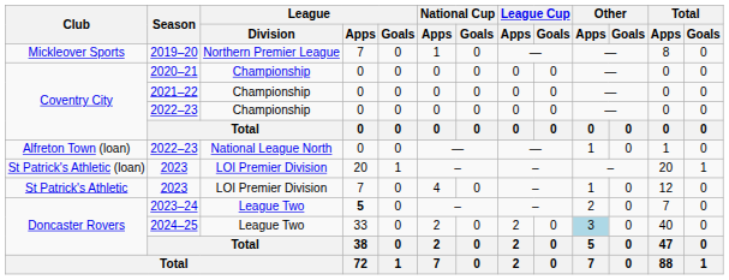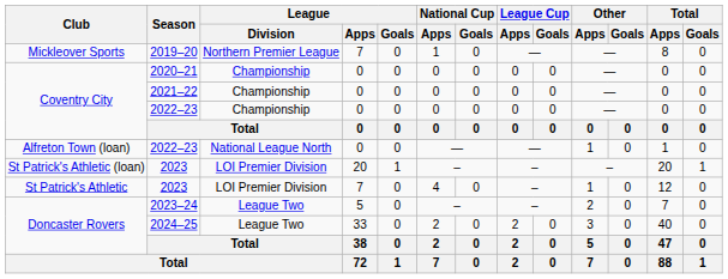 <table class=wikitable style="text-align: center;">
 <tr>
 <th rowspan=2>Club</th>
 <th rowspan=2>Season</th>
 <th colspan=3>League</th>
 <th colspan=2>National Cup</th>
 <th colspan=2><a href='#'>League Cup</a></th>
 <th colspan=2>Other</th>
 <th colspan=2>Total</th>
 </tr>
 <tr>
 <th>Division</th>
 <th>Apps</th>
 <th>Goals</th>
 <th>Apps</th>
 <th>Goals</th>
 <th>Apps</th>
 <th>Goals</th>
 <th>Apps</th>
 <th>Goals</th>
 <th>Apps</th>
 <th>Goals</th>
 </tr>
 <tr>
 <td><a href='#'>Mickleover Sports</a></td>
 <td><a href='#'>2019–20</a></td>
 <td><a href='#'>Northern Premier League</a></td>
 <td>7</td>
 <td>0</td>
 <td>1</td>
 <td>0</td>
 <td colspan="2">—</td>
 <td colspan="2">—</td>
 <td>8</td>
 <td>0</td>
 </tr>
 <tr>
 <td rowspan="4"><a href='#'>Coventry City</a></td>
 <td><a href='#'>2020–21</a></td>
 <td><a href='#'>Championship</a></td>
 <td>0</td>
 <td>0</td>
 <td>0</td>
 <td>0</td>
 <td>0</td>
 <td>0</td>
 <td colspan="2">—</td>
 <td>0</td>
 <td>0</td>
 </tr>
 <tr>
 <td><a href='#'>2021–22</a></td>
 <td>Championship</td>
 <td>0</td>
 <td>0</td>
 <td>0</td>
 <td>0</td>
 <td>0</td>
 <td>0</td>
 <td colspan="2">—</td>
 <td>0</td>
 <td>0</td>
 </tr>
 <tr>
 <td><a href='#'>2022–23</a></td>
 <td>Championship</td>
 <td>0</td>
 <td>0</td>
 <td>0</td>
 <td>0</td>
 <td>0</td>
 <td>0</td>
 <td colspan="2">—</td>
 <td>0</td>
 <td>0</td>
 </tr>
 <tr>
 <th colspan="2">Total</th>
 <th>0</th>
 <th>0</th>
 <th>0</th>
 <th>0</th>
 <th>0</th>
 <th>0</th>
 <th>0</th>
 <th>0</th>
 <th>0</th>
 <th>0</th>
 </tr>
 <tr>
 <td><a href='#'>Alfreton Town</a> (loan)</td>
 <td><a href='#'>2022–23</a></td>
 <td><a href='#'>National League North</a></td>
 <td>0</td>
 <td>0</td>
 <td colspan="2">—</td>
 <td colspan="2">—</td>
 <td>1</td>
 <td>0</td>
 <td>1</td>
 <td>0</td>
 </tr>
 <tr>
 <td><a href='#'>St Patrick's Athletic</a> (loan)</td>
 <td><a href='#'>2023</a></td>
 <td><a href='#'>LOI Premier Division</a></td>
 <td>20</td>
 <td>1</td>
 <td colspan="2">–</td>
 <td colspan="2">–</td>
 <td colspan="2">–</td>
 <td>20</td>
 <td>1</td>
 </tr>
 <tr>
 <td><a href='#'>St Patrick's Athletic</a></td>
 <td><a href='#'>2023</a></td>
 <td>LOI Premier Division</td>
 <td>7</td>
 <td>0</td>
 <td>4</td>
 <td>0</td>
 <td colspan="2">–</td>
 <td>1</td>
 <td>0</td>
 <td>12</td>
 <td>0</td>
 </tr>
 <tr>
 <td rowspan="3"><a href='#'>Doncaster Rovers</a></td>
 <td><a href='#'>2023–24</a></td>
 <td><a href='#'>League Two</a></td>
-<td><strong>5</strong></td>
+<td>5</td>
 <td>0</td>
 <td colspan="2">–</td>
 <td colspan="2">–</td>
 <td>2</td>
 <td>0</td>
 <td>7</td>
 <td>0</td>
 </tr>
 <tr>
 <td><a href='#'>2024–25</a></td>
 <td>League Two</td>
 <td>33</td>
 <td>0</td>
 <td>2</td>
 <td>0</td>
 <td>2</td>
 <td>0</td>
-<td style="background: lightblue;">3</td>
+<td>3</td>
 <td>0</td>
 <td>40</td>
 <td>0</td>
 </tr>
 <tr>
 <th colspan="2">Total</th>
 <th>38</th>
 <th>0</th>
 <th>2</th>
 <th>0</th>
 <th>2</th>
 <th>0</th>
 <th>5</th>
 <th>0</th>
 <th>47</th>
 <th>0</th>
 </tr>
 <tr>
 <th colspan="3">Total</th>
 <th>72</th>
 <th>1</th>
 <th>7</th>
 <th>0</th>
 <th>2</th>
 <th>0</th>
 <th>7</th>
 <th>0</th>
 <th>88</th>
 <th>1</th>
 </tr>
 </table>
